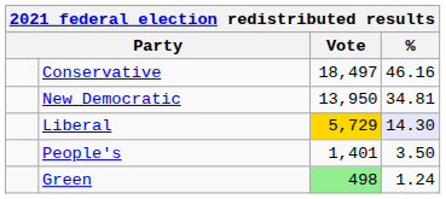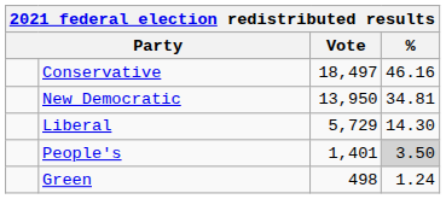 <table class="wikitable">
 <tr>
 <th colspan="4"><a href='#'>2021 federal election</a> redistributed results</th>
 </tr>
 <tr>
 <th bgcolor="#DDDDFF" width="130px" colspan="2">Party</th>
 <th bgcolor="#DDDDFF" width="50px">Vote</th>
 <th bgcolor="#DDDDFF" width="30px">%</th>
 </tr>
 <tr>
 <td> </td>
 <td><a href='#'>Conservative</a></td>
 <td align=right>18,497</td>
 <td align=right>46.16</td>
 </tr>
 <tr>
 <td> </td>
 <td><a href='#'>New Democratic</a></td>
 <td align=right>13,950</td>
 <td align=right>34.81</td>
 </tr>
 <tr>
 <td> </td>
 <td><a href='#'>Liberal</a></td>
-<td align=right style="background: gold;">5,729</td>
-<td align=right style="background: lavender;">14.30</td>
+<td align=right>5,729</td>
+<td align=right>14.30</td>
 </tr>
 <tr>
 <td> </td>
 <td><a href='#'>People's</a></td>
 <td align=right>1,401</td>
-<td align=right>3.50</td>
+<td align=right style="background: lightgrey;">3.50</td>
 </tr>
 <tr>
 <td> </td>
 <td><a href='#'>Green</a></td>
-<td align=right style="background: lightgreen;">498</td>
+<td align=right>498</td>
 <td align=right>1.24</td>
 </tr>
 </table>
